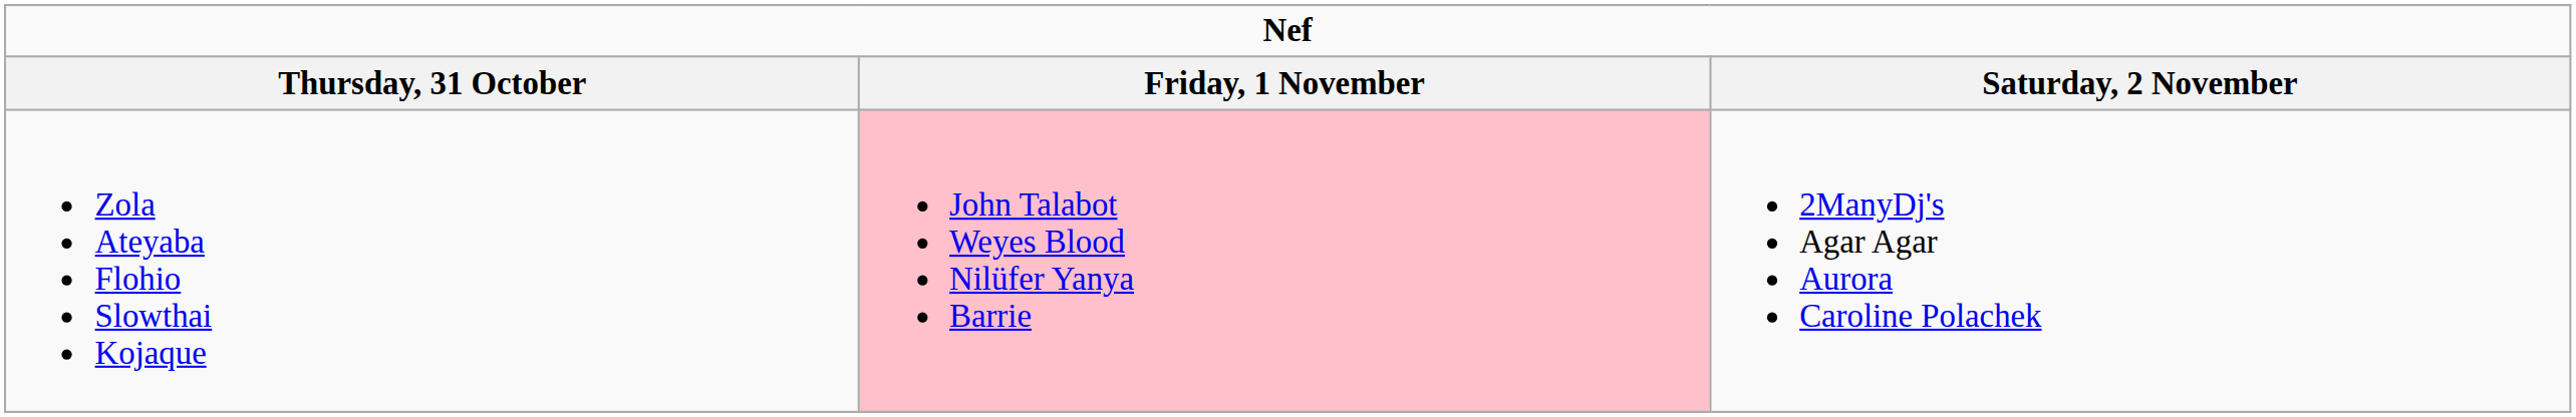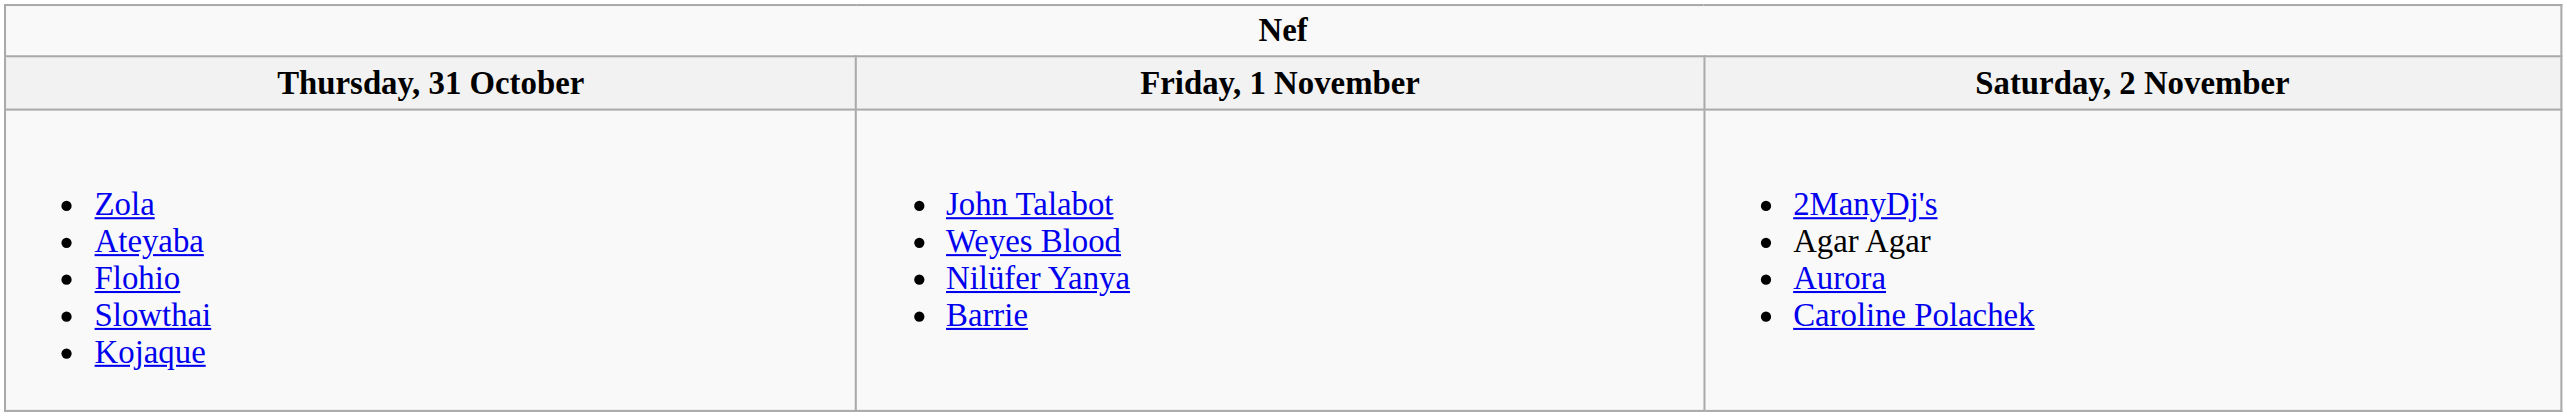 <table class="wikitable">
 <tr>
 <td colspan="3" align="center"><strong>Nef</strong></td>
 </tr>
 <tr>
 <th width="500">Thursday, 31 October</th>
 <th width="500">Friday, 1 November</th>
 <th width="500">Saturday, 2 November</th>
 </tr>
 <tr valign="top">
 <td><br><ul><li><a href='#'>Zola</a></li><li><a href='#'>Ateyaba</a></li><li><a href='#'>Flohio</a></li><li><a href='#'>Slowthai</a></li><li><a href='#'>Kojaque</a></li></ul></td>
-<td style="background: pink;"><br><ul><li><a href='#'>John Talabot</a></li><li><a href='#'>Weyes Blood</a></li><li><a href='#'>Nilüfer Yanya</a></li><li><a href='#'>Barrie</a></li></ul></td>
+<td><br><ul><li><a href='#'>John Talabot</a></li><li><a href='#'>Weyes Blood</a></li><li><a href='#'>Nilüfer Yanya</a></li><li><a href='#'>Barrie</a></li></ul></td>
 <td><br><ul><li><a href='#'>2ManyDj's</a></li><li>Agar Agar</li><li><a href='#'>Aurora</a></li><li><a href='#'>Caroline Polachek</a></li></ul></td>
 </tr>
 </table>
